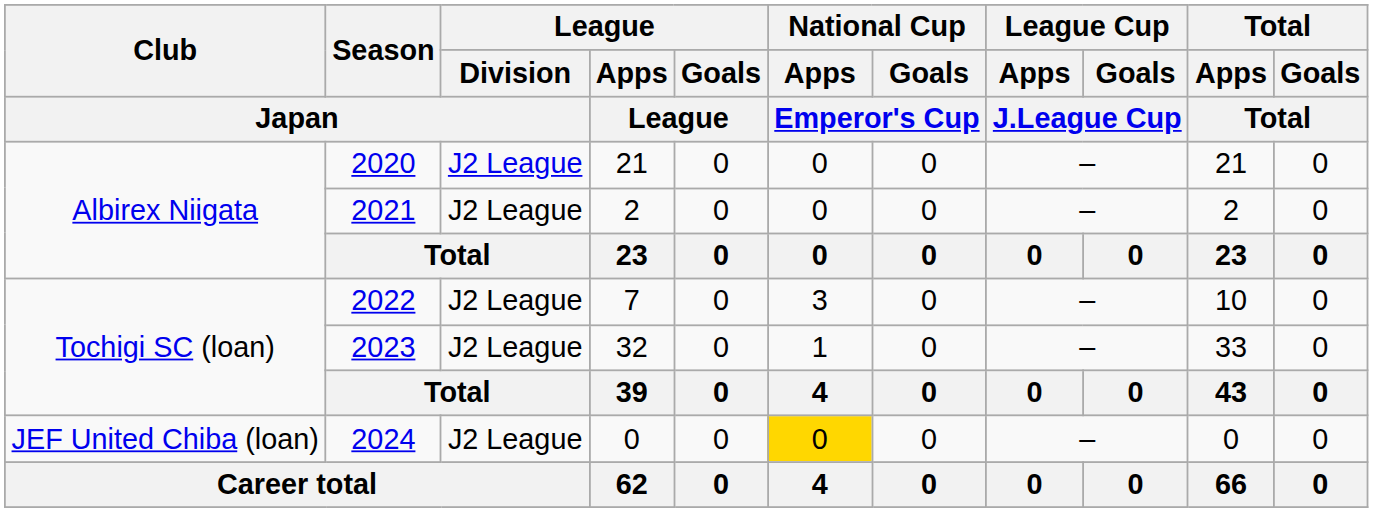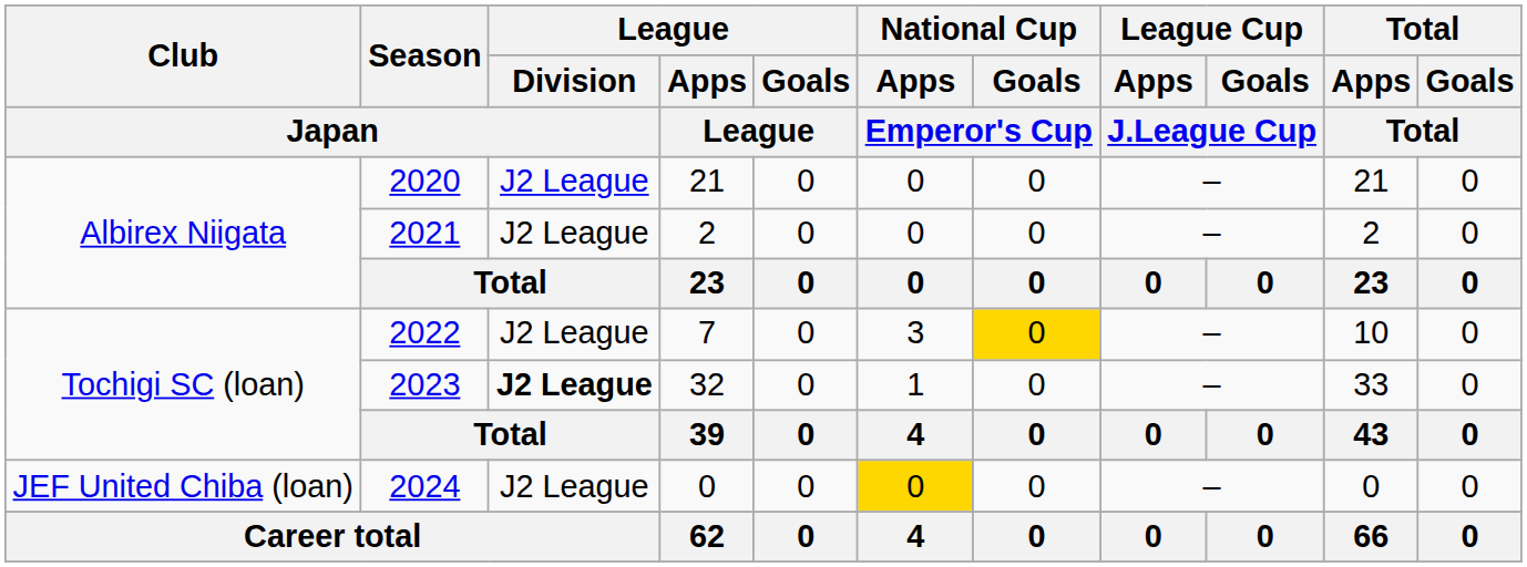 <table class="wikitable" style="text-align:center;">
 <tr>
 <th rowspan=2>Club</th>
 <th rowspan=2>Season</th>
 <th colspan=3>League</th>
 <th colspan=2>National Cup</th>
 <th colspan=2>League Cup</th>
 <th colspan=2>Total</th>
 </tr>
 <tr>
 <th>Division</th>
 <th>Apps</th>
 <th>Goals</th>
 <th>Apps</th>
 <th>Goals</th>
 <th>Apps</th>
 <th>Goals</th>
 <th>Apps</th>
 <th>Goals</th>
 </tr>
 <tr>
 <th colspan=3>Japan</th>
 <th colspan=2>League</th>
 <th colspan=2><a href='#'>Emperor's Cup</a></th>
 <th colspan=2><a href='#'>J.League Cup</a></th>
 <th colspan=2>Total</th>
 </tr>
 <tr>
 <td rowspan="3"><a href='#'>Albirex Niigata</a></td>
 <td><a href='#'>2020</a></td>
 <td><a href='#'>J2 League</a></td>
 <td>21</td>
 <td>0</td>
 <td>0</td>
 <td>0</td>
 <td colspan="2">–</td>
 <td>21</td>
 <td>0</td>
 </tr>
 <tr>
 <td><a href='#'>2021</a></td>
 <td>J2 League</td>
 <td>2</td>
 <td>0</td>
 <td>0</td>
 <td>0</td>
 <td colspan="2">–</td>
 <td>2</td>
 <td>0</td>
 </tr>
 <tr>
 <th colspan="2">Total</th>
 <th>23</th>
 <th>0</th>
 <th>0</th>
 <th>0</th>
 <th>0</th>
 <th>0</th>
 <th>23</th>
 <th>0</th>
 </tr>
 <tr>
 <td rowspan="3"><a href='#'>Tochigi SC</a> (loan)</td>
 <td><a href='#'>2022</a></td>
 <td>J2 League</td>
 <td>7</td>
 <td>0</td>
 <td>3</td>
-<td>0</td>
+<td style="background: gold;">0</td>
 <td colspan="2">–</td>
 <td>10</td>
 <td>0</td>
 </tr>
 <tr>
 <td><a href='#'>2023</a></td>
-<td>J2 League</td>
+<td><strong>J2 League</strong></td>
 <td>32</td>
 <td>0</td>
 <td>1</td>
 <td>0</td>
 <td colspan="2">–</td>
 <td>33</td>
 <td>0</td>
 </tr>
 <tr>
 <th colspan="2">Total</th>
 <th>39</th>
 <th>0</th>
 <th>4</th>
 <th>0</th>
 <th>0</th>
 <th>0</th>
 <th>43</th>
 <th>0</th>
 </tr>
 <tr>
 <td><a href='#'>JEF United Chiba</a> (loan)</td>
 <td><a href='#'>2024</a></td>
 <td>J2 League</td>
 <td>0</td>
 <td>0</td>
 <td style="background: gold;">0</td>
 <td>0</td>
 <td colspan="2">–</td>
 <td>0</td>
 <td>0</td>
 </tr>
 <tr>
 <th colspan=3>Career total</th>
 <th>62</th>
 <th>0</th>
 <th>4</th>
 <th>0</th>
 <th>0</th>
 <th>0</th>
 <th>66</th>
 <th>0</th>
 </tr>
 </table>
